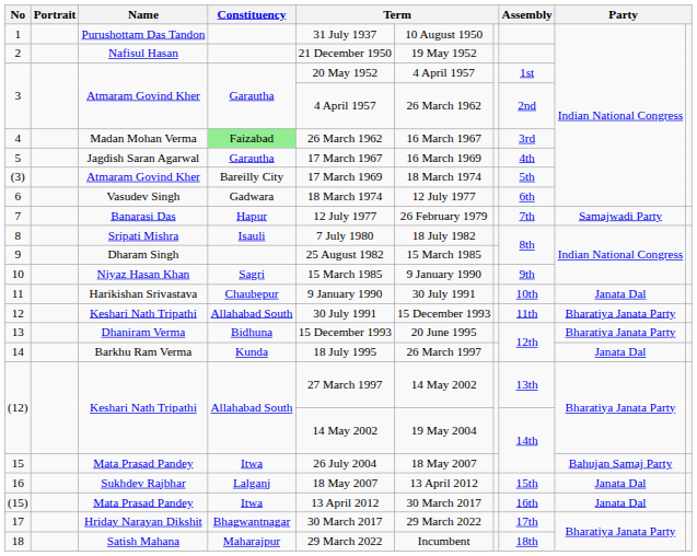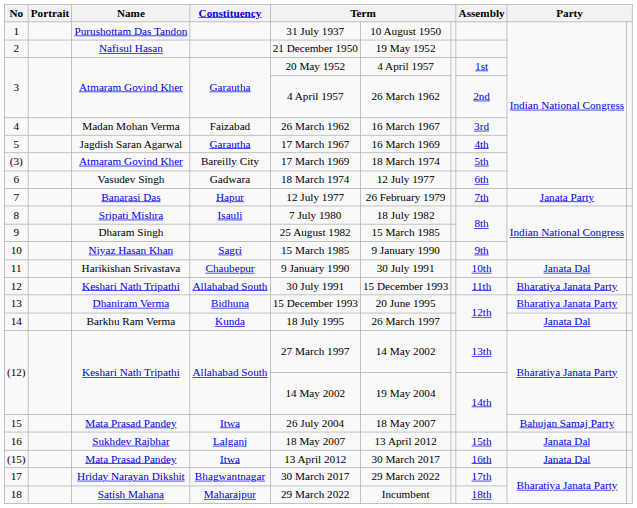 <table class="wikitable" style="text-align:center">
 <tr>
 <th>No</th>
 <th>Portrait</th>
 <th>Name</th>
 <th><a href='#'>Constituency</a></th>
 <th colspan="3">Term</th>
 <th>Assembly</th>
 <th colspan="2">Party</th>
 </tr>
 <tr>
 <td>1</td>
 <td></td>
 <td><a href='#'>Purushottam Das Tandon</a></td>
 <td></td>
 <td>31 July 1937</td>
 <td>10 August 1950</td>
 <td></td>
 <td></td>
 <td rowspan=8><a href='#'>Indian National Congress</a></td>
 <td rowspan=8 style="background-color: "></td>
 </tr>
 <tr>
 <td>2</td>
 <td></td>
 <td><a href='#'>Nafisul Hasan</a></td>
 <td></td>
 <td>21 December 1950</td>
 <td>19 May 1952</td>
 <td></td>
 <td></td>
 </tr>
 <tr>
 <td rowspan=2>3</td>
 <td rowspan=2></td>
 <td rowspan="2"><a href='#'>Atmaram Govind Kher</a></td>
 <td rowspan="2"><a href='#'>Garautha</a></td>
 <td>20 May 1952</td>
 <td>4 April 1957</td>
 <td rowspan="2"></td>
 <td><a href='#'>1st</a></td>
 </tr>
 <tr style="text-align:center; height:60px;">
 <td>4 April 1957</td>
 <td>26 March 1962</td>
 <td><a href='#'>2nd</a></td>
 </tr>
 <tr>
 <td>4</td>
 <td></td>
 <td>Madan Mohan Verma</td>
-<td style="background: lightgreen;">Faizabad</td>
+<td>Faizabad</td>
 <td>26 March 1962</td>
 <td>16 March 1967</td>
 <td></td>
 <td><a href='#'>3rd</a></td>
 </tr>
 <tr>
 <td>5</td>
 <td></td>
 <td>Jagdish Saran Agarwal</td>
 <td><a href='#'>Garautha</a></td>
 <td>17 March 1967</td>
 <td>16 March 1969</td>
 <td></td>
 <td><a href='#'>4th</a></td>
 </tr>
 <tr>
 <td>(3)</td>
 <td></td>
 <td><a href='#'>Atmaram Govind Kher</a></td>
 <td>Bareilly City</td>
 <td>17 March 1969</td>
 <td>18 March 1974</td>
 <td></td>
 <td><a href='#'>5th</a></td>
 </tr>
 <tr>
 <td>6</td>
 <td></td>
 <td>Vasudev Singh</td>
 <td>Gadwara</td>
 <td>18 March 1974</td>
 <td>12 July 1977</td>
 <td></td>
 <td><a href='#'>6th</a></td>
 </tr>
 <tr>
 <td>7</td>
 <td></td>
 <td><a href='#'>Banarasi Das</a></td>
 <td><a href='#'>Hapur</a></td>
 <td>12 July 1977</td>
 <td>26 February 1979</td>
 <td></td>
 <td><a href='#'>7th</a></td>
-<td><a href='#'>Samajwadi Party</a></td>
+<td><a href='#'>Janata Party</a></td>
 <td style="background-color: "></td>
 </tr>
 <tr>
 <td>8</td>
 <td></td>
 <td><a href='#'>Sripati Mishra</a></td>
 <td><a href='#'>Isauli</a></td>
 <td>7 July 1980</td>
 <td>18 July 1982</td>
 <td></td>
 <td rowspan="2"><a href='#'>8th</a></td>
 <td rowspan="3"><a href='#'>Indian National Congress</a></td>
 <td rowspan="3" style="background-color: "></td>
 </tr>
 <tr>
 <td>9</td>
 <td></td>
 <td>Dharam Singh</td>
 <td></td>
 <td>25 August 1982</td>
 <td>15 March 1985</td>
 <td></td>
 </tr>
 <tr>
 <td>10</td>
 <td></td>
 <td><a href='#'>Niyaz Hasan Khan</a></td>
 <td><a href='#'>Sagri</a></td>
 <td>15 March 1985</td>
 <td>9 January 1990</td>
 <td></td>
 <td><a href='#'>9th</a></td>
 </tr>
 <tr>
 <td>11</td>
 <td></td>
 <td>Harikishan Srivastava</td>
 <td><a href='#'>Chaubepur</a></td>
 <td>9 January 1990</td>
 <td>30 July 1991</td>
 <td></td>
 <td><a href='#'>10th</a></td>
 <td><a href='#'>Janata Dal</a></td>
 <td style="background-color: "></td>
 </tr>
 <tr>
 <td>12</td>
 <td></td>
 <td><a href='#'>Keshari Nath Tripathi</a></td>
 <td><a href='#'>Allahabad South</a></td>
 <td>30 July 1991</td>
 <td>15 December 1993</td>
 <td></td>
 <td><a href='#'>11th</a></td>
 <td><a href='#'>Bharatiya Janata Party</a></td>
 <td style="background-color: "></td>
 </tr>
 <tr>
 <td>13</td>
 <td></td>
 <td><a href='#'>Dhaniram Verma</a></td>
 <td><a href='#'>Bidhuna</a></td>
 <td>15 December 1993</td>
 <td>20 June 1995</td>
 <td></td>
 <td rowspan="2"><a href='#'>12th</a></td>
 <td><a href='#'>Bharatiya Janata Party</a></td>
 <td style="background-color: "></td>
 </tr>
 <tr>
 <td>14</td>
 <td></td>
 <td>Barkhu Ram Verma</td>
 <td><a href='#'>Kunda</a></td>
 <td>18 July 1995</td>
 <td>26 March 1997</td>
 <td></td>
 <td><a href='#'>Janata Dal</a></td>
 <td style="background-color: "></td>
 </tr>
 <tr style="text-align:center; height:60px;">
 <td rowspan="2">(12)</td>
 <td rowspan="2"></td>
 <td rowspan="2"><a href='#'>Keshari Nath Tripathi</a></td>
 <td rowspan="2"><a href='#'>Allahabad South</a></td>
 <td>27 March 1997</td>
 <td>14 May 2002</td>
 <td rowspan="2"></td>
 <td><a href='#'>13th</a></td>
 <td rowspan="2"><a href='#'>Bharatiya Janata Party</a></td>
 <td rowspan="2" style="background-color: "></td>
 </tr>
 <tr style="text-align:center; height:60px;">
 <td>14 May 2002</td>
 <td>19 May 2004</td>
 <td rowspan="2"><a href='#'>14th</a></td>
 </tr>
 <tr>
 <td>15</td>
 <td></td>
 <td><a href='#'>Mata Prasad Pandey</a></td>
 <td><a href='#'>Itwa</a></td>
 <td>26 July 2004</td>
 <td>18 May 2007</td>
 <td></td>
 <td><a href='#'>Bahujan Samaj Party</a></td>
 <td style="background-color: "></td>
 </tr>
 <tr>
 <td>16</td>
 <td></td>
 <td><a href='#'>Sukhdev Rajbhar</a></td>
 <td><a href='#'>Lalganj</a></td>
 <td>18 May 2007</td>
 <td>13 April 2012</td>
 <td></td>
 <td><a href='#'>15th</a></td>
 <td><a href='#'>Janata Dal</a></td>
 <td style="background-color: "></td>
 </tr>
 <tr>
 <td>(15)</td>
 <td></td>
 <td><a href='#'>Mata Prasad Pandey</a></td>
 <td><a href='#'>Itwa</a></td>
 <td>13 April 2012</td>
 <td>30 March 2017</td>
 <td></td>
 <td><a href='#'>16th</a></td>
 <td><a href='#'>Janata Dal</a></td>
 <td style="background-color: "></td>
 </tr>
 <tr>
 <td>17</td>
 <td></td>
 <td><a href='#'>Hriday Narayan Dikshit</a></td>
 <td><a href='#'>Bhagwantnagar</a></td>
 <td>30 March 2017</td>
 <td>29 March 2022</td>
 <td></td>
 <td><a href='#'>17th</a></td>
 <td rowspan="2"><a href='#'>Bharatiya Janata Party</a></td>
 <td rowspan="2" style="background-color: "></td>
 </tr>
 <tr>
 <td>18</td>
 <td></td>
 <td><a href='#'>Satish Mahana</a></td>
 <td><a href='#'>Maharajpur</a></td>
 <td>29 March 2022</td>
 <td>Incumbent</td>
 <td></td>
 <td><a href='#'>18th</a></td>
 </tr>
 </table>
